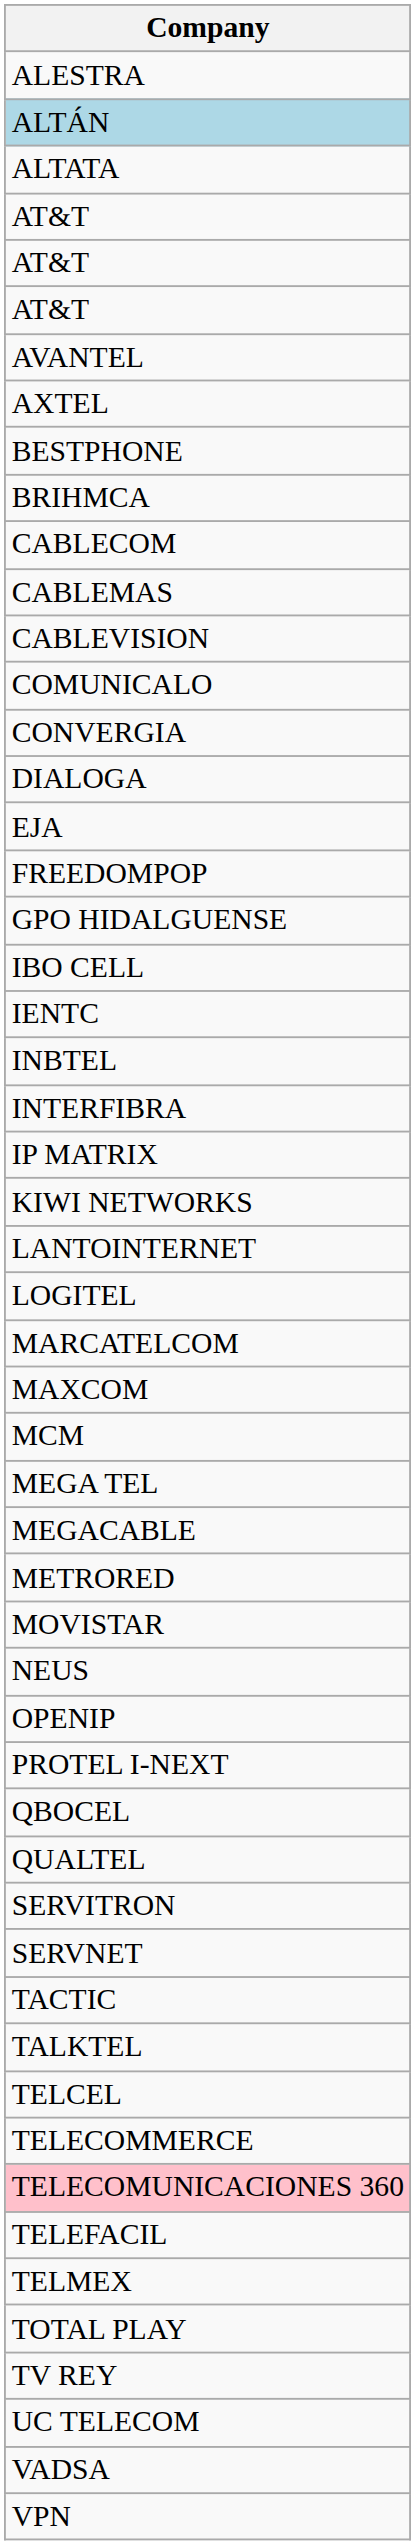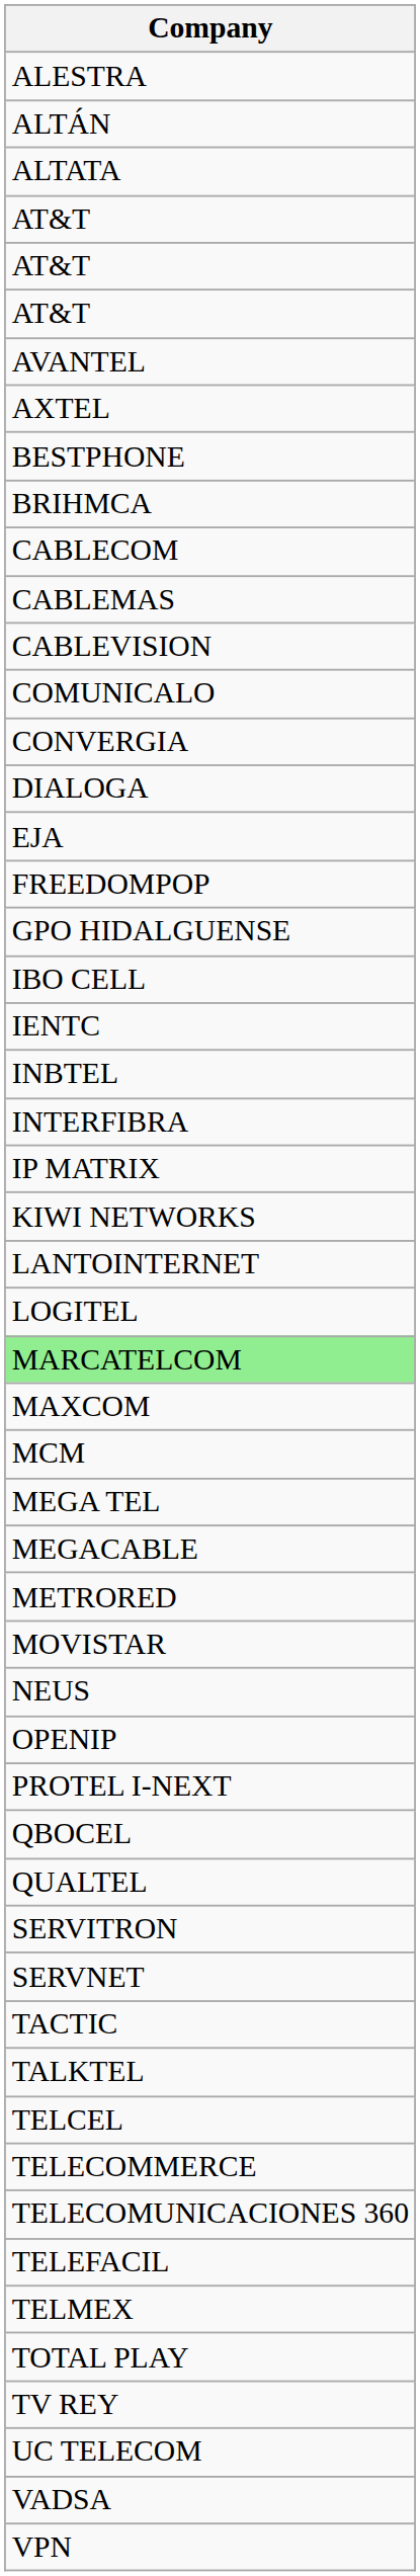 <table class="wikitable">
 <tr>
 <th>Company</th>
 </tr>
 <tr>
 <td>ALESTRA</td>
 </tr>
 <tr>
-<td style="background: lightblue;">ALTÁN</td>
+<td>ALTÁN</td>
 </tr>
 <tr>
 <td>ALTATA</td>
 </tr>
 <tr>
 <td>AT&T</td>
 </tr>
 <tr>
 <td>AT&T</td>
 </tr>
 <tr>
 <td>AT&T</td>
 </tr>
 <tr>
 <td>AVANTEL</td>
 </tr>
 <tr>
 <td>AXTEL</td>
 </tr>
 <tr>
 <td>BESTPHONE</td>
 </tr>
 <tr>
 <td>BRIHMCA</td>
 </tr>
 <tr>
 <td>CABLECOM</td>
 </tr>
 <tr>
 <td>CABLEMAS</td>
 </tr>
 <tr>
 <td>CABLEVISION</td>
 </tr>
 <tr>
 <td>COMUNICALO</td>
 </tr>
 <tr>
 <td>CONVERGIA</td>
 </tr>
 <tr>
 <td>DIALOGA</td>
 </tr>
 <tr>
 <td>EJA</td>
 </tr>
 <tr>
 <td>FREEDOMPOP</td>
 </tr>
 <tr>
 <td>GPO HIDALGUENSE</td>
 </tr>
 <tr>
 <td>IBO CELL</td>
 </tr>
 <tr>
 <td>IENTC</td>
 </tr>
 <tr>
 <td>INBTEL</td>
 </tr>
 <tr>
 <td>INTERFIBRA</td>
 </tr>
 <tr>
 <td>IP MATRIX</td>
 </tr>
 <tr>
 <td>KIWI NETWORKS</td>
 </tr>
 <tr>
 <td>LANTOINTERNET</td>
 </tr>
 <tr>
 <td>LOGITEL</td>
 </tr>
 <tr>
-<td>MARCATELCOM</td>
+<td style="background: lightgreen;">MARCATELCOM</td>
 </tr>
 <tr>
 <td>MAXCOM</td>
 </tr>
 <tr>
 <td>MCM</td>
 </tr>
 <tr>
 <td>MEGA TEL</td>
 </tr>
 <tr>
 <td>MEGACABLE</td>
 </tr>
 <tr>
 <td>METRORED</td>
 </tr>
 <tr>
 <td>MOVISTAR</td>
 </tr>
 <tr>
 <td>NEUS</td>
 </tr>
 <tr>
 <td>OPENIP</td>
 </tr>
 <tr>
 <td>PROTEL I-NEXT</td>
 </tr>
 <tr>
 <td>QBOCEL</td>
 </tr>
 <tr>
 <td>QUALTEL</td>
 </tr>
 <tr>
 <td>SERVITRON</td>
 </tr>
 <tr>
 <td>SERVNET</td>
 </tr>
 <tr>
 <td>TACTIC</td>
 </tr>
 <tr>
 <td>TALKTEL</td>
 </tr>
 <tr>
 <td>TELCEL</td>
 </tr>
 <tr>
 <td>TELECOMMERCE</td>
 </tr>
 <tr>
-<td style="background: pink;">TELECOMUNICACIONES 360</td>
+<td>TELECOMUNICACIONES 360</td>
 </tr>
 <tr>
 <td>TELEFACIL</td>
 </tr>
 <tr>
 <td>TELMEX</td>
 </tr>
 <tr>
 <td>TOTAL PLAY</td>
 </tr>
 <tr>
 <td>TV REY</td>
 </tr>
 <tr>
 <td>UC TELECOM</td>
 </tr>
 <tr>
 <td>VADSA</td>
 </tr>
 <tr>
 <td>VPN</td>
 </tr>
 </table>
